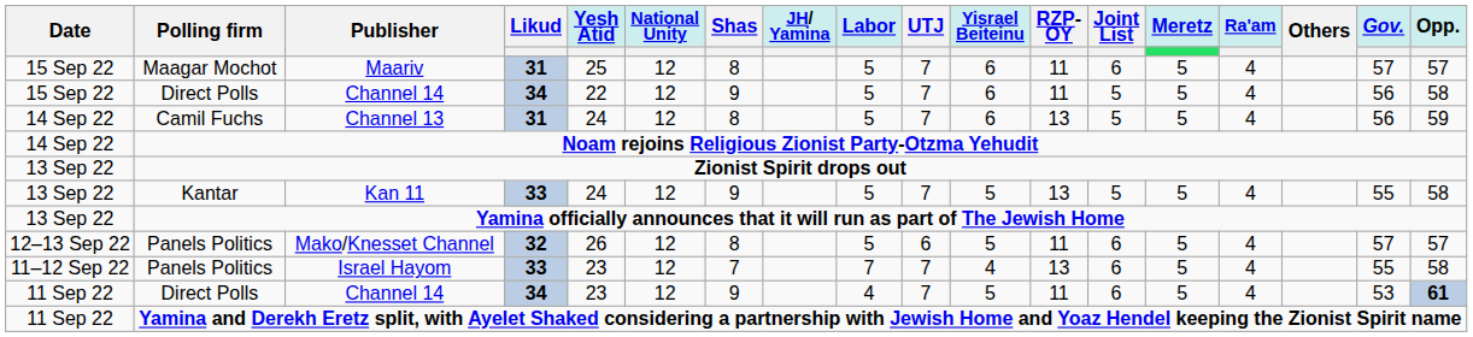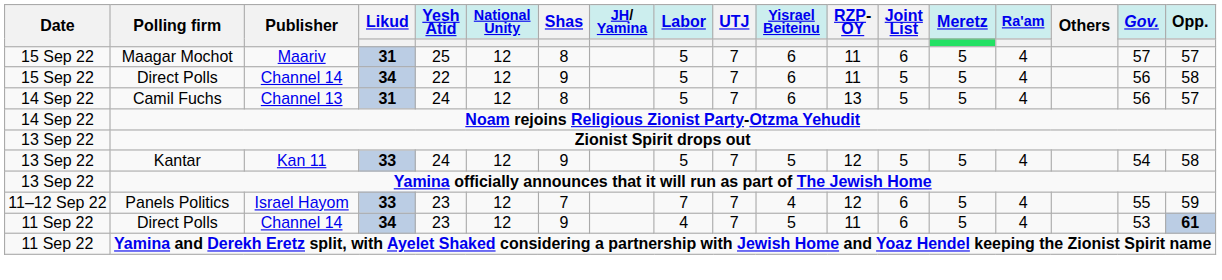 <table class="wikitable sortable" style=text-align:center;font-size:90%;line-height:12px>
 <tr>
 <th rowspan=2>Date</th>
 <th rowspan=2>Polling firm</th>
 <th rowspan=2>Publisher</th>
 <th><a href='#'>Likud</a></th>
 <th style=background:#cee><a href='#'>Yesh<br>Atid</a></th>
 <th style="background:#cee;font-size:90%"><a href='#'>National<br>Unity</a></th>
 <th><a href='#'>Shas</a></th>
 <th style="background:#cee;font-size:90%"><a href='#'>JH</a>/<br><a href='#'>Yamina</a></th>
 <th style=background:#cee><a href='#'>Labor</a></th>
 <th><a href='#'>UTJ</a></th>
 <th style="background:#cee; font-size:90%"><a href='#'>Yisrael<br>Beiteinu</a></th>
 <th><a href='#'>RZP</a>-<br><a href='#'>OY</a></th>
 <th><a href='#'>Joint<br>List</a></th>
 <th style=background:#cee><a href='#'>Meretz</a></th>
 <th style="background:#cee; font-size:90%"><a href='#'>Ra'am</a></th>
 <th rowspan="2">Others</th>
 <th style=background:#cee><a href='#'><em>Gov.</em></a></th>
 <th style=background:#cee>Opp.</th>
 </tr>
 <tr>
 <th style=background:></th>
 <th style=background:></th>
 <th style=background:></th>
 <th style=background:></th>
 <th style=background:></th>
 <th style=background:></th>
 <th style=background:></th>
 <th style=background:></th>
 <th style=background:></th>
 <th style=background:></th>
 <th style=background:#23e164></th>
 <th style=background:></th>
 <th style=background:></th>
 <th style=background:></th>
 </tr>
 <tr>
 <td>15 Sep 22</td>
 <td>Maagar Mochot</td>
 <td><a href='#'>Maariv</a></td>
 <td style="background:#BBCDE4"><strong>31</strong></td>
 <td>25</td>
 <td>12</td>
 <td>8</td>
 <td></td>
 <td>5</td>
 <td>7</td>
 <td>6</td>
 <td>11</td>
 <td>6</td>
 <td>5</td>
 <td>4</td>
 <td></td>
 <td>57</td>
 <td>57</td>
 </tr>
 <tr>
 <td>15 Sep 22</td>
 <td>Direct Polls</td>
 <td><a href='#'>Channel 14</a></td>
 <td style="background:#BBCDE4"><strong>34</strong></td>
 <td>22</td>
 <td>12</td>
 <td>9</td>
 <td></td>
 <td>5</td>
 <td>7</td>
 <td>6</td>
 <td>11</td>
 <td>5</td>
 <td>5</td>
 <td>4</td>
 <td></td>
 <td>56</td>
 <td>58</td>
 </tr>
 <tr>
 <td>14 Sep 22</td>
 <td>Camil Fuchs</td>
 <td><a href='#'>Channel 13</a></td>
 <td style="background:#BBCDE4"><strong>31</strong></td>
 <td>24</td>
 <td>12</td>
 <td>8</td>
 <td></td>
 <td>5</td>
 <td>7</td>
 <td>6</td>
 <td>13</td>
 <td>5</td>
 <td>5</td>
 <td>4</td>
 <td></td>
 <td>56</td>
-<td>59</td>
+<td>57</td>
 </tr>
 <tr>
 <td>14 Sep 22</td>
 <td colspan="17"><strong><a href='#'>Noam</a> rejoins <a href='#'>Religious Zionist Party</a>-<a href='#'>Otzma Yehudit</a></strong></td>
 </tr>
 <tr>
 <td>13 Sep 22</td>
 <td colspan="17"><strong>Zionist Spirit drops out</strong></td>
 </tr>
 <tr>
 <td>13 Sep 22</td>
 <td>Kantar</td>
 <td><a href='#'>Kan 11</a></td>
 <td style="background:#BBCDE4"><strong>33</strong></td>
 <td>24</td>
 <td>12</td>
 <td>9</td>
 <td></td>
 <td>5</td>
 <td>7</td>
 <td>5</td>
-<td>13</td>
+<td>12</td>
 <td>5</td>
 <td>5</td>
 <td>4</td>
 <td></td>
-<td>55</td>
+<td>54</td>
 <td>58</td>
 </tr>
 <tr>
 <td>13 Sep 22</td>
 <td colspan="17"><strong><a href='#'>Yamina</a> officially announces that it will run as part of <a href='#'>The Jewish Home</a></strong></td>
-</tr>
-<tr>
-<td>12–13 Sep 22</td>
-<td>Panels Politics</td>
-<td><a href='#'>Mako</a>/<a href='#'>Knesset Channel</a></td>
-<td style="background:#BBCDE4"><strong>32</strong></td>
-<td>26</td>
-<td>12</td>
-<td>8</td>
-<td></td>
-<td>5</td>
-<td>6</td>
-<td>5</td>
-<td>11</td>
-<td>6</td>
-<td>5</td>
-<td>4</td>
-<td></td>
-<td>57</td>
-<td>57</td>
 </tr>
 <tr>
 <td>11–12 Sep 22</td>
 <td>Panels Politics</td>
 <td><a href='#'>Israel Hayom</a></td>
 <td style="background:#BBCDE4"><strong>33</strong></td>
 <td>23</td>
 <td>12</td>
 <td>7</td>
 <td></td>
 <td>7</td>
 <td>7</td>
 <td>4</td>
-<td>13</td>
+<td>12</td>
 <td>6</td>
 <td>5</td>
 <td>4</td>
 <td></td>
 <td>55</td>
-<td>58</td>
+<td>59</td>
 </tr>
 <tr>
 <td>11 Sep 22</td>
 <td>Direct Polls</td>
 <td><a href='#'>Channel 14</a></td>
 <td style="background:#BBCDE4"><strong>34</strong></td>
 <td>23</td>
 <td>12</td>
 <td>9</td>
 <td></td>
 <td>4</td>
 <td>7</td>
 <td>5</td>
 <td>11</td>
 <td>6</td>
 <td>5</td>
 <td>4</td>
 <td></td>
 <td>53</td>
 <td style=background:#BBCDE4><strong>61</strong></td>
 </tr>
 <tr>
 <td>11 Sep 22</td>
 <td colspan="17"><strong><a href='#'>Yamina</a> and <a href='#'>Derekh Eretz</a> split, with <a href='#'>Ayelet Shaked</a> considering a partnership with <a href='#'>Jewish Home</a> and <a href='#'>Yoaz Hendel</a> keeping the Zionist Spirit name</strong></td>
 </tr>
 </table>
